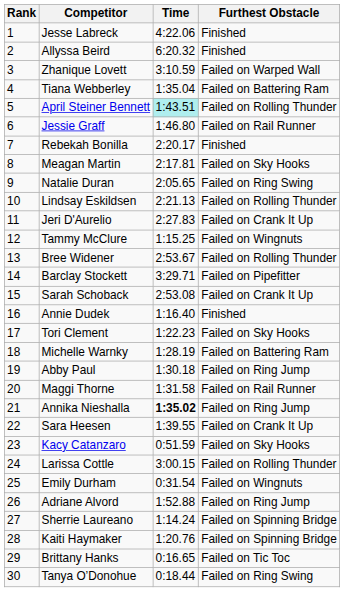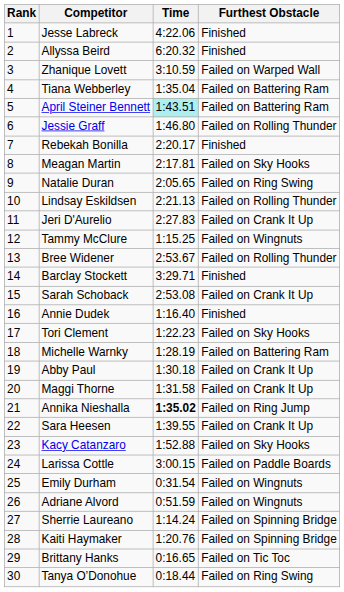 <table class="wikitable sortable">
 <tr>
 <th>Rank</th>
 <th>Competitor</th>
 <th>Time</th>
 <th>Furthest Obstacle</th>
 </tr>
 <tr>
 <td>1</td>
 <td>Jesse Labreck</td>
 <td>4:22.06</td>
 <td>Finished</td>
 </tr>
 <tr>
 <td>2</td>
 <td>Allyssa Beird</td>
 <td>6:20.32</td>
 <td>Finished</td>
 </tr>
 <tr>
 <td>3</td>
 <td>Zhanique Lovett</td>
 <td>3:10.59</td>
 <td>Failed on Warped Wall</td>
 </tr>
 <tr>
 <td>4</td>
 <td>Tiana Webberley</td>
 <td>1:35.04</td>
 <td>Failed on Battering Ram</td>
 </tr>
 <tr>
 <td>5</td>
 <td><a href='#'>April Steiner Bennett</a></td>
 <td style="background: paleturquoise;">1:43.51</td>
-<td>Failed on Rolling Thunder</td>
+<td>Failed on Battering Ram</td>
 </tr>
 <tr>
 <td>6</td>
 <td><a href='#'>Jessie Graff</a></td>
 <td>1:46.80</td>
-<td>Failed on Rail Runner</td>
+<td>Failed on Rolling Thunder</td>
 </tr>
 <tr>
 <td>7</td>
 <td>Rebekah Bonilla</td>
 <td>2:20.17</td>
 <td>Finished</td>
 </tr>
 <tr>
 <td>8</td>
 <td>Meagan Martin</td>
 <td>2:17.81</td>
 <td>Failed on Sky Hooks</td>
 </tr>
 <tr>
 <td>9</td>
 <td>Natalie Duran</td>
 <td>2:05.65</td>
 <td>Failed on Ring Swing</td>
 </tr>
 <tr>
 <td>10</td>
 <td>Lindsay Eskildsen</td>
 <td>2:21.13</td>
 <td>Failed on Rolling Thunder</td>
 </tr>
 <tr>
 <td>11</td>
 <td>Jeri D'Aurelio</td>
 <td>2:27.83</td>
 <td>Failed on Crank It Up</td>
 </tr>
 <tr>
 <td>12</td>
 <td>Tammy McClure</td>
 <td>1:15.25</td>
 <td>Failed on Wingnuts</td>
 </tr>
 <tr>
 <td>13</td>
 <td>Bree Widener</td>
 <td>2:53.67</td>
 <td>Failed on Rolling Thunder</td>
 </tr>
 <tr>
 <td>14</td>
 <td>Barclay Stockett</td>
 <td>3:29.71</td>
-<td>Failed on Pipefitter</td>
+<td>Finished</td>
 </tr>
 <tr>
 <td>15</td>
 <td>Sarah Schoback</td>
 <td>2:53.08</td>
 <td>Failed on Crank It Up</td>
 </tr>
 <tr>
 <td>16</td>
 <td>Annie Dudek</td>
 <td>1:16.40</td>
 <td>Finished</td>
 </tr>
 <tr>
 <td>17</td>
 <td>Tori Clement</td>
 <td>1:22.23</td>
 <td>Failed on Sky Hooks</td>
 </tr>
 <tr>
 <td>18</td>
 <td>Michelle Warnky</td>
 <td>1:28.19</td>
 <td>Failed on Battering Ram</td>
 </tr>
 <tr>
 <td>19</td>
 <td>Abby Paul</td>
 <td>1:30.18</td>
-<td>Failed on Ring Jump</td>
+<td>Failed on Crank It Up</td>
 </tr>
 <tr>
 <td>20</td>
 <td>Maggi Thorne</td>
 <td>1:31.58</td>
-<td>Failed on Rail Runner</td>
+<td>Failed on Crank It Up</td>
 </tr>
 <tr>
 <td>21</td>
 <td>Annika Nieshalla</td>
 <td><strong>1:35.02</strong></td>
 <td>Failed on Ring Jump</td>
 </tr>
 <tr>
 <td>22</td>
 <td>Sara Heesen</td>
 <td>1:39.55</td>
 <td>Failed on Crank It Up</td>
 </tr>
 <tr>
 <td>23</td>
 <td><a href='#'>Kacy Catanzaro</a></td>
-<td>0:51.59</td>
+<td>1:52.88</td>
 <td>Failed on Sky Hooks</td>
 </tr>
 <tr>
 <td>24</td>
 <td>Larissa Cottle</td>
 <td>3:00.15</td>
-<td>Failed on Rolling Thunder</td>
+<td>Failed on Paddle Boards</td>
 </tr>
 <tr>
 <td>25</td>
 <td>Emily Durham</td>
 <td>0:31.54</td>
 <td>Failed on Wingnuts</td>
 </tr>
 <tr>
 <td>26</td>
 <td>Adriane Alvord</td>
-<td>1:52.88</td>
-<td>Failed on Ring Jump</td>
+<td>0:51.59</td>
+<td>Failed on Wingnuts</td>
 </tr>
 <tr>
 <td>27</td>
 <td>Sherrie Laureano</td>
 <td>1:14.24</td>
 <td>Failed on Spinning Bridge</td>
 </tr>
 <tr>
 <td>28</td>
 <td>Kaiti Haymaker</td>
 <td>1:20.76</td>
 <td>Failed on Spinning Bridge</td>
 </tr>
 <tr>
 <td>29</td>
 <td>Brittany Hanks</td>
 <td>0:16.65</td>
 <td>Failed on Tic Toc</td>
 </tr>
 <tr>
 <td>30</td>
 <td>Tanya O’Donohue</td>
 <td>0:18.44</td>
 <td>Failed on Ring Swing</td>
 </tr>
 </table>
